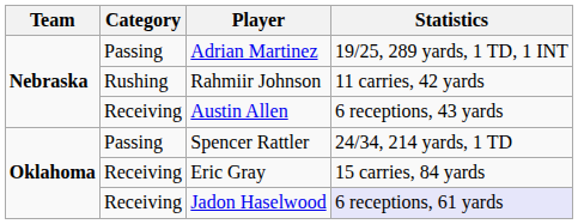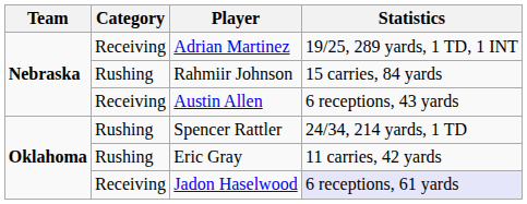 <table class="wikitable" style="float: right;">
 <tr>
 <th>Team</th>
 <th>Category</th>
 <th>Player</th>
 <th>Statistics</th>
 </tr>
 <tr>
 <td rowspan=3><strong>Nebraska</strong></td>
-<td>Passing</td>
+<td>Receiving</td>
 <td><a href='#'>Adrian Martinez</a></td>
 <td>19/25, 289 yards, 1 TD, 1 INT</td>
 </tr>
 <tr>
 <td>Rushing</td>
 <td>Rahmiir Johnson</td>
-<td>11 carries, 42 yards</td>
+<td>15 carries, 84 yards</td>
 </tr>
 <tr>
 <td>Receiving</td>
 <td><a href='#'>Austin Allen</a></td>
 <td>6 receptions, 43 yards</td>
 </tr>
 <tr>
 <td rowspan=3><strong>Oklahoma</strong></td>
-<td>Passing</td>
+<td>Rushing</td>
 <td>Spencer Rattler</td>
 <td>24/34, 214 yards, 1 TD</td>
 </tr>
 <tr>
-<td>Receiving</td>
+<td>Rushing</td>
 <td>Eric Gray</td>
-<td>15 carries, 84 yards</td>
+<td>11 carries, 42 yards</td>
 </tr>
 <tr>
 <td>Receiving</td>
 <td><a href='#'>Jadon Haselwood</a></td>
 <td style="background: lavender;">6 receptions, 61 yards</td>
 </tr>
 </table>
